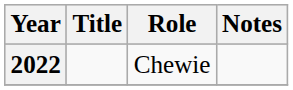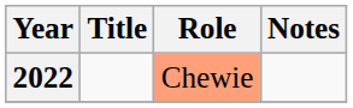 <table class="wikitable plainrowheaders">
 <tr>
 <th scope="col">Year</th>
 <th scope="col">Title</th>
 <th scope="col">Role</th>
 <th scope="col">Notes</th>
 </tr>
 <tr>
 <th scope="row">2022</th>
 <td></td>
-<td>Chewie</td>
+<td style="background: lightsalmon;">Chewie</td>
 <td></td>
 </tr>
 <tr>
 </tr>
 </table>
